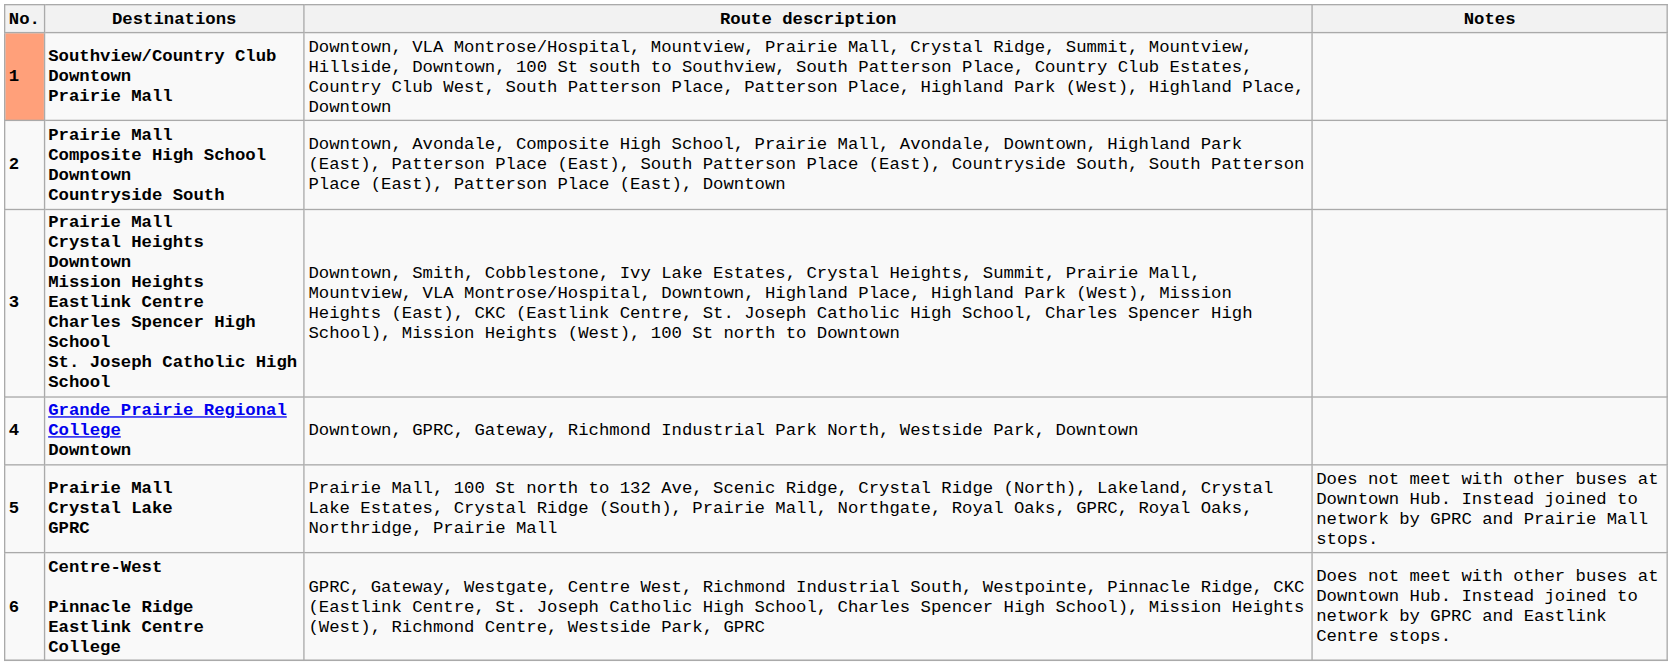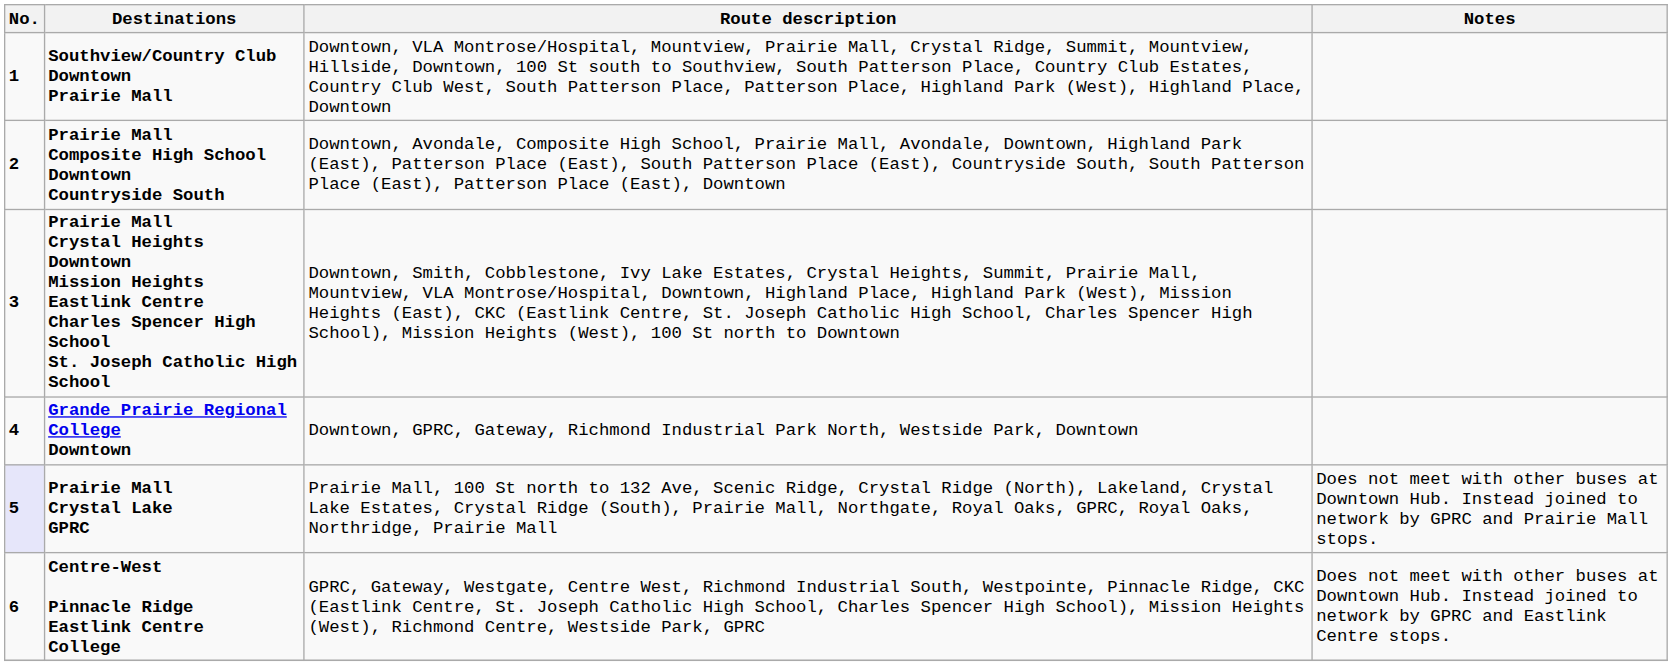 <table class="wikitable">
 <tr>
 <th>No.</th>
 <th>Destinations</th>
 <th>Route description</th>
 <th>Notes</th>
 </tr>
 <tr>
-<td style="background: lightsalmon;"><strong>1</strong></td>
+<td><strong>1</strong></td>
 <td><strong>Southview/Country Club <br>Downtown <br>Prairie Mall</strong></td>
 <td>Downtown, VLA Montrose/Hospital, Mountview, Prairie Mall, Crystal Ridge, Summit, Mountview, Hillside, Downtown, 100 St south to Southview, South Patterson Place, Country Club Estates, Country Club West, South Patterson Place, Patterson Place, Highland Park (West), Highland Place, Downtown</td>
 <td></td>
 </tr>
 <tr>
 <td><strong>2</strong></td>
 <td><strong>Prairie Mall <br> Composite High School <br>Downtown <br>Countryside South</strong></td>
 <td>Downtown, Avondale, Composite High School, Prairie Mall, Avondale, Downtown, Highland Park (East), Patterson Place (East), South Patterson Place (East), Countryside South, South Patterson Place (East), Patterson Place (East), Downtown</td>
 <td></td>
 </tr>
 <tr>
 <td><strong>3</strong></td>
 <td><strong>Prairie Mall <br> Crystal Heights <br>Downtown <br>Mission Heights <br> Eastlink Centre <br> Charles Spencer High School <br> St. Joseph Catholic High School</strong></td>
 <td>Downtown, Smith, Cobblestone, Ivy Lake Estates, Crystal Heights, Summit, Prairie Mall, Mountview, VLA Montrose/Hospital, Downtown, Highland Place, Highland Park (West), Mission Heights (East), CKC (Eastlink Centre, St. Joseph Catholic High School, Charles Spencer High School), Mission Heights (West), 100 St north to Downtown</td>
 <td></td>
 </tr>
 <tr>
 <td><strong>4</strong></td>
 <td><strong><a href='#'>Grande Prairie Regional College</a> <br>Downtown</strong></td>
 <td>Downtown, GPRC, Gateway, Richmond Industrial Park North, Westside Park, Downtown</td>
 <td></td>
 </tr>
 <tr>
-<td><strong>5</strong></td>
+<td style="background: lavender;"><strong>5</strong></td>
 <td><strong>Prairie Mall <br> Crystal Lake <br>GPRC</strong></td>
 <td>Prairie Mall, 100 St north to 132 Ave, Scenic Ridge, Crystal Ridge (North), Lakeland, Crystal Lake Estates, Crystal Ridge (South), Prairie Mall, Northgate, Royal Oaks, GPRC, Royal Oaks, Northridge, Prairie Mall</td>
 <td>Does not meet with other buses at Downtown Hub. Instead joined to network by GPRC and Prairie Mall stops.</td>
 </tr>
 <tr>
 <td><strong>6</strong></td>
 <td><strong>Centre-West <br> <br> Pinnacle Ridge <br> Eastlink Centre <br>College</strong></td>
 <td>GPRC, Gateway, Westgate, Centre West, Richmond Industrial South, Westpointe, Pinnacle Ridge, CKC (Eastlink Centre, St. Joseph Catholic High School, Charles Spencer High School), Mission Heights (West), Richmond Centre, Westside Park, GPRC</td>
 <td>Does not meet with other buses at Downtown Hub. Instead joined to network by GPRC and Eastlink Centre stops.</td>
 </tr>
 <tr>
 </tr>
 </table>
